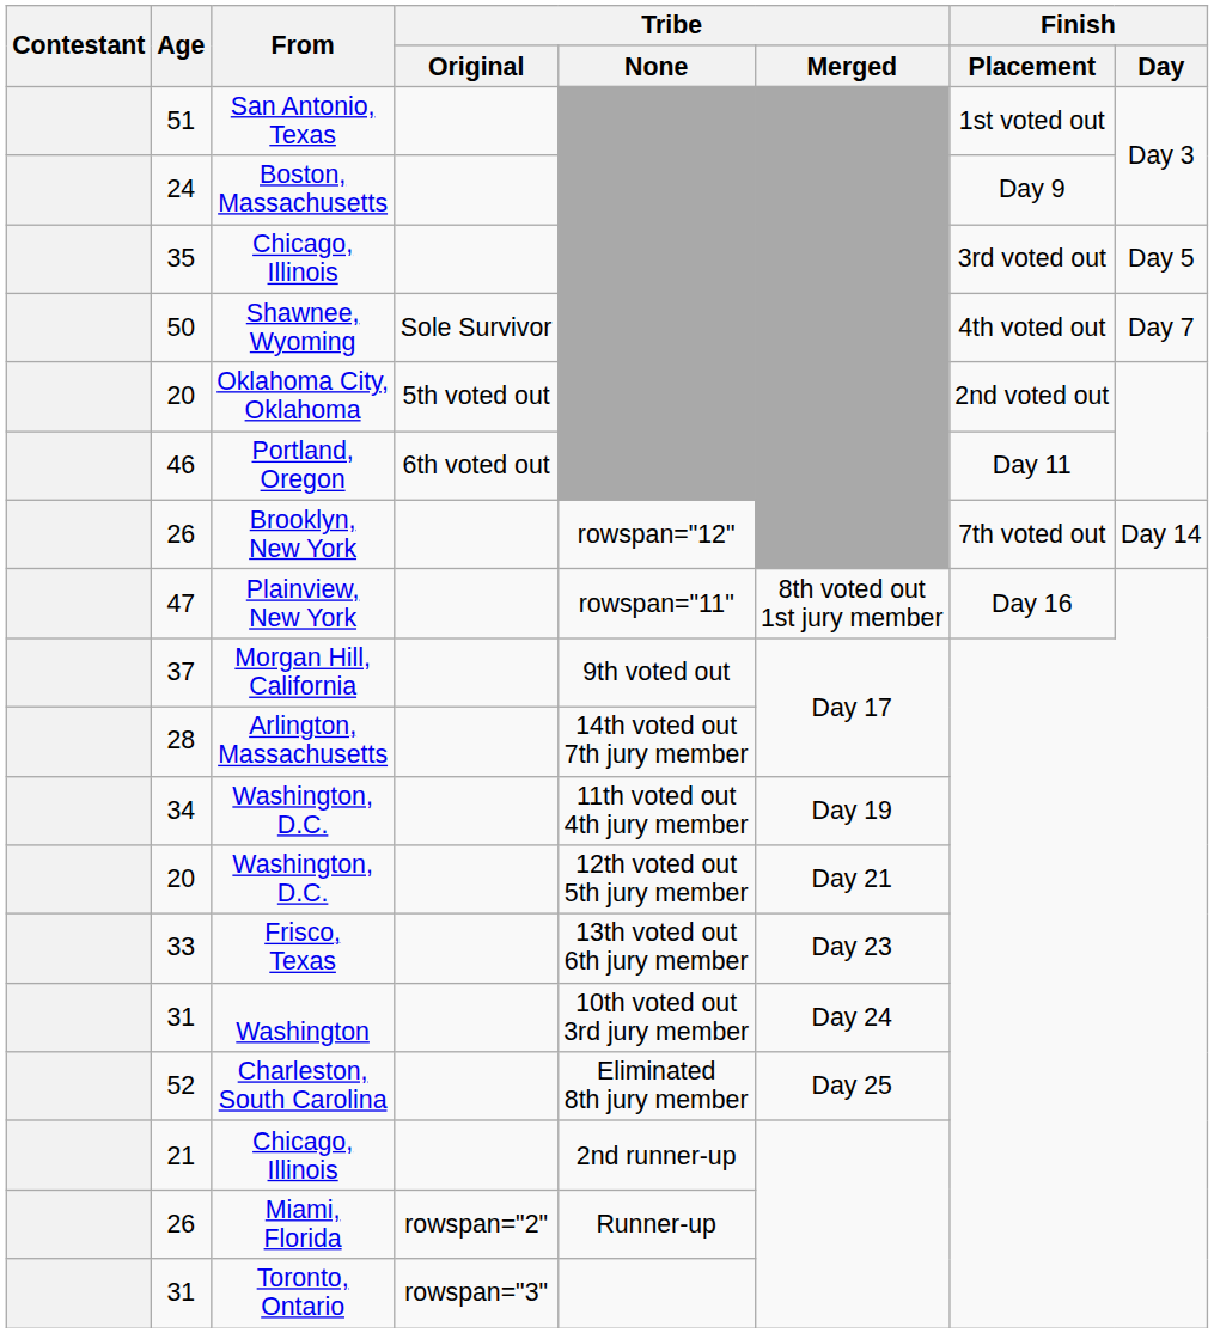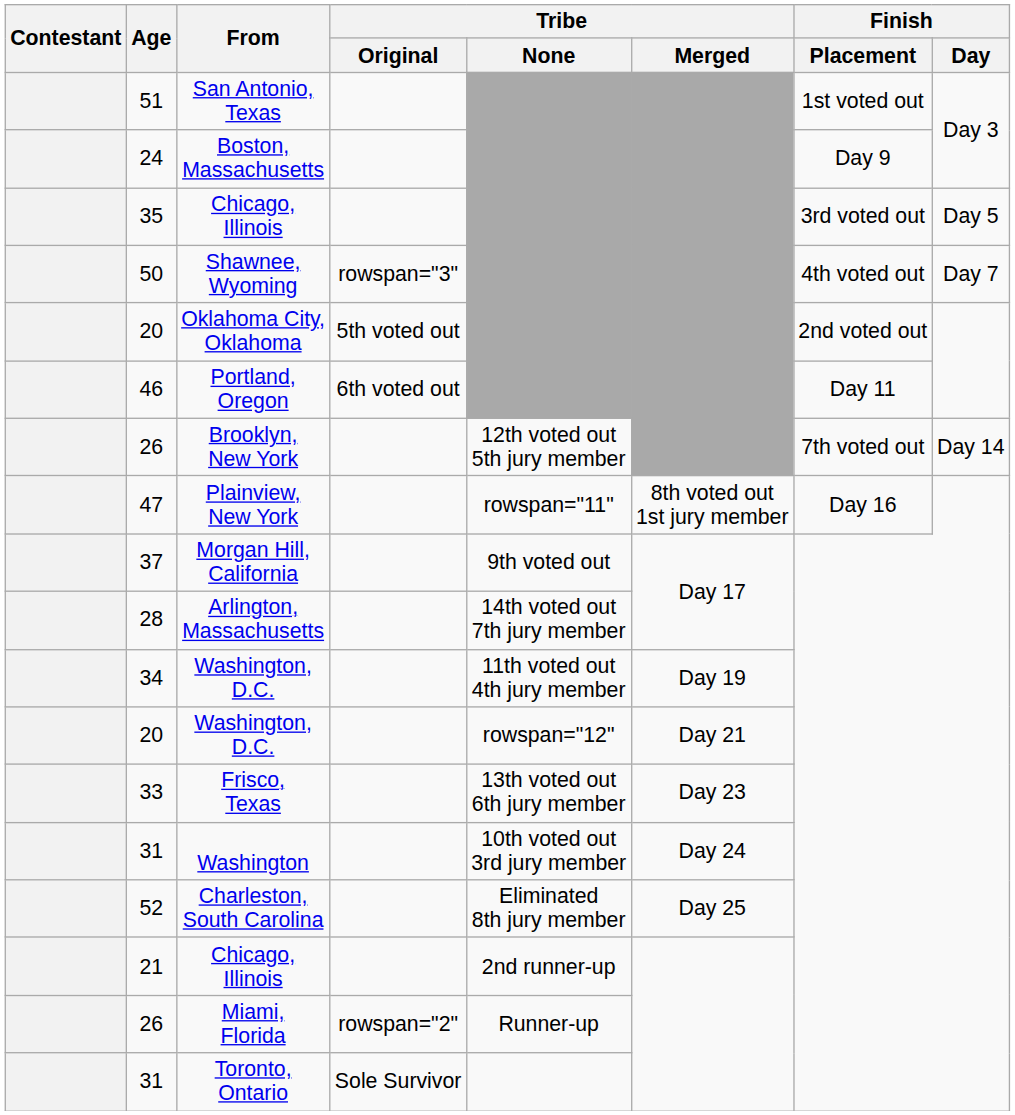 <table class="wikitable sortable" style="margin:auto; text-align:center">
 <tr>
 <th rowspan="2" scope="col">Contestant</th>
 <th rowspan="2" scope="col">Age</th>
 <th rowspan="2" scope="col" class=unsortable>From</th>
 <th colspan="3" scope="colgroup">Tribe</th>
 <th colspan="2" scope="colgroup">Finish</th>
 </tr>
 <tr>
 <th scope="col">Original</th>
 <th scope="col" class=unsortable>None</th>
 <th scope="col" class=unsortable>Merged</th>
 <th scope="col" class=unsortable>Placement</th>
 <th scope="col" class=unsortable>Day</th>
 </tr>
 <tr>
 <th scope="row" style="text-align:left"></th>
 <td>51</td>
 <td><a href='#'>San Antonio,<br>Texas</a></td>
 <td></td>
 <td rowspan="6" bgcolor="darkgray"></td>
 <td rowspan="7" bgcolor="darkgray"></td>
 <td>1st voted out</td>
 <td rowspan="2">Day 3</td>
 </tr>
 <tr>
 <th scope="row" style="text-align:left"></th>
 <td>24</td>
 <td><a href='#'>Boston,<br>Massachusetts</a></td>
 <td></td>
 <td>Day 9</td>
 </tr>
 <tr>
 <th scope="row" style="text-align:left"></th>
 <td>35</td>
 <td><a href='#'>Chicago,<br>Illinois</a></td>
 <td></td>
 <td>3rd voted out</td>
 <td>Day 5</td>
 </tr>
 <tr>
 <th scope="row" style="text-align:left"></th>
 <td>50</td>
 <td><a href='#'>Shawnee,<br>Wyoming</a></td>
-<td>Sole Survivor</td>
+<td>rowspan="3" </td>
 <td>4th voted out</td>
 <td>Day 7</td>
 </tr>
 <tr>
 <th scope="row" style="text-align:left"></th>
 <td>20</td>
 <td><a href='#'>Oklahoma City,<br>Oklahoma</a></td>
 <td>5th voted out</td>
 <td>2nd voted out</td>
 </tr>
 <tr>
 <th scope="row" style="text-align:left"></th>
 <td>46</td>
 <td><a href='#'>Portland,<br>Oregon</a></td>
 <td>6th voted out</td>
 <td>Day 11</td>
 </tr>
 <tr>
 <th scope="row" style="text-align:left"></th>
 <td>26</td>
 <td><a href='#'>Brooklyn,<br>New York</a></td>
 <td></td>
-<td>rowspan="12" </td>
+<td>12th voted out<br>5th jury member</td>
 <td>7th voted out</td>
 <td>Day 14</td>
 </tr>
 <tr>
 <th scope="row" style="text-align:left"></th>
 <td>47</td>
 <td><a href='#'>Plainview,<br>New York</a></td>
 <td></td>
 <td>rowspan="11" </td>
 <td>8th voted out<br>1st jury member</td>
 <td>Day 16</td>
 </tr>
 <tr>
 <th scope="row" style="text-align:left"></th>
 <td>37</td>
 <td><a href='#'>Morgan Hill,<br>California</a></td>
 <td></td>
 <td>9th voted out<br></td>
 <td rowspan="2">Day 17</td>
 </tr>
 <tr>
 <th scope="row" style="text-align:left"></th>
 <td>28</td>
 <td><a href='#'>Arlington,<br>Massachusetts</a></td>
 <td></td>
 <td>14th voted out<br>7th jury member</td>
 </tr>
 <tr>
 <th scope="row" style="text-align:left"></th>
 <td>34</td>
 <td><a href='#'>Washington,<br>D.C.</a></td>
 <td></td>
 <td>11th voted out<br>4th jury member</td>
 <td>Day 19</td>
 </tr>
 <tr>
 <th scope="row" style="text-align:left"></th>
 <td>20</td>
 <td><a href='#'>Washington,<br>D.C.</a></td>
 <td></td>
-<td>12th voted out<br>5th jury member</td>
+<td>rowspan="12" </td>
 <td>Day 21</td>
 </tr>
 <tr>
 <th scope="row" style="text-align:left"></th>
 <td>33</td>
 <td><a href='#'>Frisco,<br>Texas</a></td>
 <td></td>
 <td>13th voted out<br>6th jury member</td>
 <td>Day 23</td>
 </tr>
 <tr>
 <th scope="row" style="text-align:left"></th>
 <td>31</td>
 <td><a href='#'><br>Washington</a></td>
 <td></td>
 <td>10th voted out<br>3rd jury member</td>
 <td>Day 24</td>
 </tr>
 <tr>
 <th scope="row" style="text-align:left"></th>
 <td>52</td>
 <td><a href='#'>Charleston,<br>South Carolina</a></td>
 <td></td>
 <td>Eliminated<br>8th jury member</td>
 <td>Day 25</td>
 </tr>
 <tr>
 <th scope="row" style="text-align:left"></th>
 <td>21</td>
 <td><a href='#'>Chicago,<br>Illinois</a></td>
 <td></td>
 <td>2nd runner-up</td>
 <td rowspan="3"></td>
 </tr>
 <tr>
 <th scope="row" style="text-align:left"></th>
 <td>26</td>
 <td><a href='#'>Miami,<br>Florida</a></td>
 <td>rowspan="2" </td>
 <td>Runner-up</td>
 </tr>
 <tr>
 <th scope="row" style="text-align:left"></th>
 <td>31</td>
 <td><a href='#'>Toronto,<br> Ontario</a></td>
-<td>rowspan="3" </td>
+<td>Sole Survivor</td>
 </tr>
 </table>
